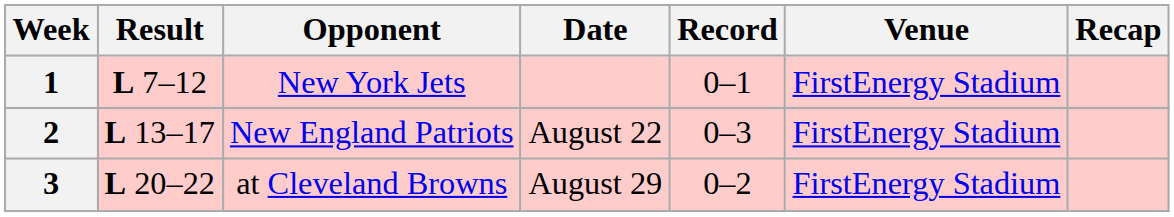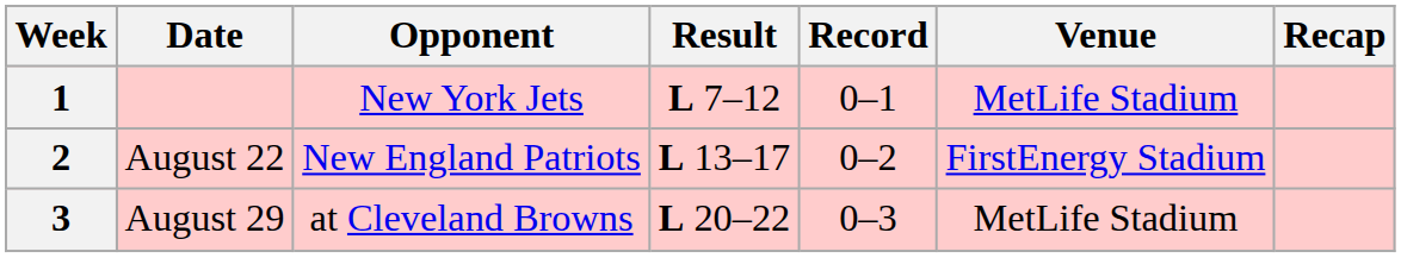 <table class="wikitable" style="text-align:center">
 <tr>
 <th>Week</th>
+<th>Date</th>
+<th>Opponent</th>
 <th>Result</th>
-<th>Opponent</th>
-<th>Date</th>
 <th>Record</th>
 <th>Venue</th>
 <th>Recap</th>
 </tr>
 <tr style="background:#fcc">
 <th>1</th>
+<td></td>
+<td><a href='#'>New York Jets</a></td>
 <td><strong>L</strong> 7–12</td>
-<td><a href='#'>New York Jets</a></td>
-<td></td>
 <td>0–1</td>
-<td><a href='#'>FirstEnergy Stadium</a></td>
+<td><a href='#'>MetLife Stadium</a></td>
 <td></td>
 </tr>
 <tr style="background:#fcc">
 <th>2</th>
+<td>August 22</td>
+<td><a href='#'>New England Patriots</a></td>
 <td><strong>L</strong> 13–17</td>
-<td><a href='#'>New England Patriots</a></td>
-<td>August 22</td>
-<td>0–3</td>
+<td>0–2</td>
 <td><a href='#'>FirstEnergy Stadium</a></td>
 <td></td>
 </tr>
 <tr style="background:#fcc">
 <th>3</th>
+<td>August 29</td>
+<td>at <a href='#'>Cleveland Browns</a></td>
 <td><strong>L</strong> 20–22</td>
-<td>at <a href='#'>Cleveland Browns</a></td>
-<td>August 29</td>
-<td>0–2</td>
-<td><a href='#'>FirstEnergy Stadium</a></td>
+<td>0–3</td>
+<td>MetLife Stadium</td>
 <td></td>
 </tr>
 </table>
